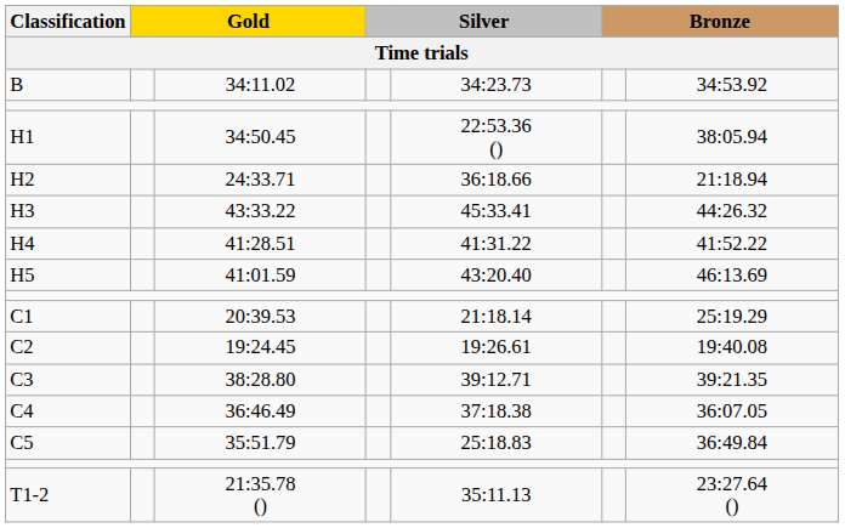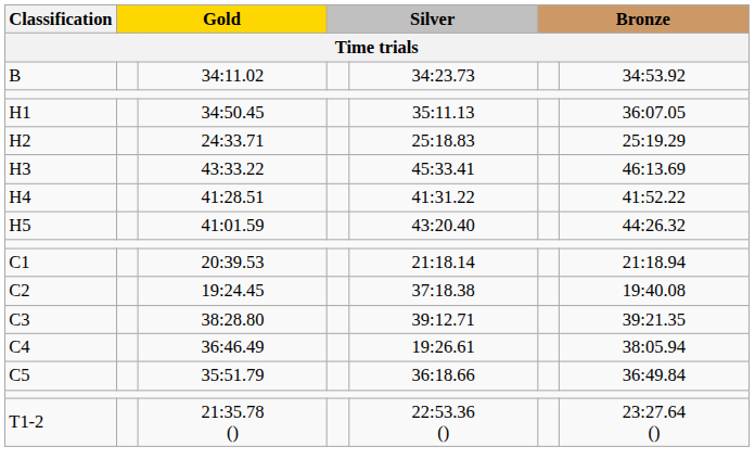 <table class=wikitable style="font-size:100%">
 <tr>
 <th rowspan="1" width="15%">Classification</th>
 <th colspan="2" style="background:gold;">Gold</th>
 <th colspan="2" style="background:silver;">Silver</th>
 <th colspan="2" style="background:#CC9966;">Bronze</th>
 </tr>
 <tr>
 <th colspan="7">Time trials</th>
 </tr>
 <tr>
 <td>B <br></td>
 <td></td>
 <td align="center">34:11.02</td>
 <td></td>
 <td align="center">34:23.73</td>
 <td></td>
 <td align="center">34:53.92</td>
 </tr>
 <tr>
 <td colspan="7"></td>
 </tr>
 <tr>
 <td>H1 <br></td>
 <td></td>
 <td align="center">34:50.45</td>
 <td></td>
-<td align="center">22:53.36 <br>()</td>
+<td align="center">35:11.13</td>
 <td></td>
-<td align="center">38:05.94</td>
+<td align="center">36:07.05</td>
 </tr>
 <tr>
 <td>H2 <br></td>
 <td></td>
 <td align="center">24:33.71</td>
 <td></td>
-<td align="center">36:18.66</td>
+<td align="center">25:18.83</td>
 <td></td>
-<td align="center">21:18.94</td>
+<td align="center">25:19.29</td>
 </tr>
 <tr>
 <td>H3 <br></td>
 <td></td>
 <td align="center">43:33.22</td>
 <td></td>
 <td align="center">45:33.41</td>
 <td></td>
-<td align="center">44:26.32</td>
+<td align="center">46:13.69</td>
 </tr>
 <tr>
 <td>H4 <br></td>
 <td></td>
 <td align="center">41:28.51</td>
 <td></td>
 <td align="center">41:31.22</td>
 <td></td>
 <td align="center">41:52.22</td>
 </tr>
 <tr>
 <td>H5 <br></td>
 <td></td>
 <td align="center">41:01.59</td>
 <td></td>
 <td align="center">43:20.40</td>
 <td></td>
-<td align="center">46:13.69</td>
+<td align="center">44:26.32</td>
 </tr>
 <tr>
 <td colspan="7"></td>
 </tr>
 <tr>
 <td>C1 <br></td>
 <td></td>
 <td align="center">20:39.53</td>
 <td></td>
 <td align="center">21:18.14</td>
 <td></td>
-<td align="center">25:19.29</td>
+<td align="center">21:18.94</td>
 </tr>
 <tr>
 <td>C2 <br></td>
 <td></td>
 <td align="center">19:24.45</td>
 <td></td>
-<td align="center">19:26.61</td>
+<td align="center">37:18.38</td>
 <td></td>
 <td align="center">19:40.08</td>
 </tr>
 <tr>
 <td>C3 <br></td>
 <td></td>
 <td align="center">38:28.80</td>
 <td></td>
 <td align="center">39:12.71</td>
 <td></td>
 <td align="center">39:21.35</td>
 </tr>
 <tr>
 <td>C4 <br></td>
 <td></td>
 <td align="center">36:46.49</td>
 <td></td>
-<td align="center">37:18.38</td>
+<td align="center">19:26.61</td>
 <td></td>
-<td align="center">36:07.05</td>
+<td align="center">38:05.94</td>
 </tr>
 <tr>
 <td>C5 <br></td>
 <td></td>
 <td align="center">35:51.79</td>
 <td></td>
-<td align="center">25:18.83</td>
+<td align="center">36:18.66</td>
 <td></td>
 <td align="center">36:49.84</td>
 </tr>
 <tr>
 <td colspan="7"></td>
 </tr>
 <tr>
 <td>T1-2 <br></td>
 <td></td>
 <td align="center">21:35.78 <br>()</td>
 <td></td>
-<td align="center">35:11.13</td>
+<td align="center">22:53.36 <br>()</td>
 <td></td>
 <td align="center">23:27.64 <br>()</td>
 </tr>
 </table>
